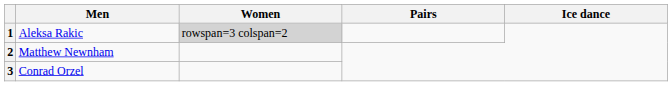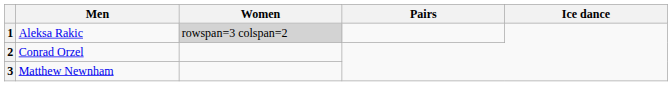 <table class="wikitable unsortable" style="text-align:left; width:70%">
 <tr>
 <th scope="col"></th>
 <th scope="col" style="width:25%">Men</th>
 <th scope="col" style="width:25%">Women</th>
 <th scope="col" style="width:25%">Pairs</th>
 <th scope="col" style="width:25%">Ice dance</th>
 </tr>
 <tr>
 <th scope="row">1</th>
 <td><a href='#'>Aleksa Rakic</a></td>
 <td style="background: lightgrey;">rowspan=3 colspan=2 </td>
 <td></td>
 </tr>
 <tr>
 <th scope="row">2</th>
-<td><a href='#'>Matthew Newnham</a></td>
+<td><a href='#'>Conrad Orzel</a></td>
 <td></td>
 </tr>
 <tr>
 <th scope="row">3</th>
-<td><a href='#'>Conrad Orzel</a></td>
+<td><a href='#'>Matthew Newnham</a></td>
 <td></td>
 </tr>
 </table>
